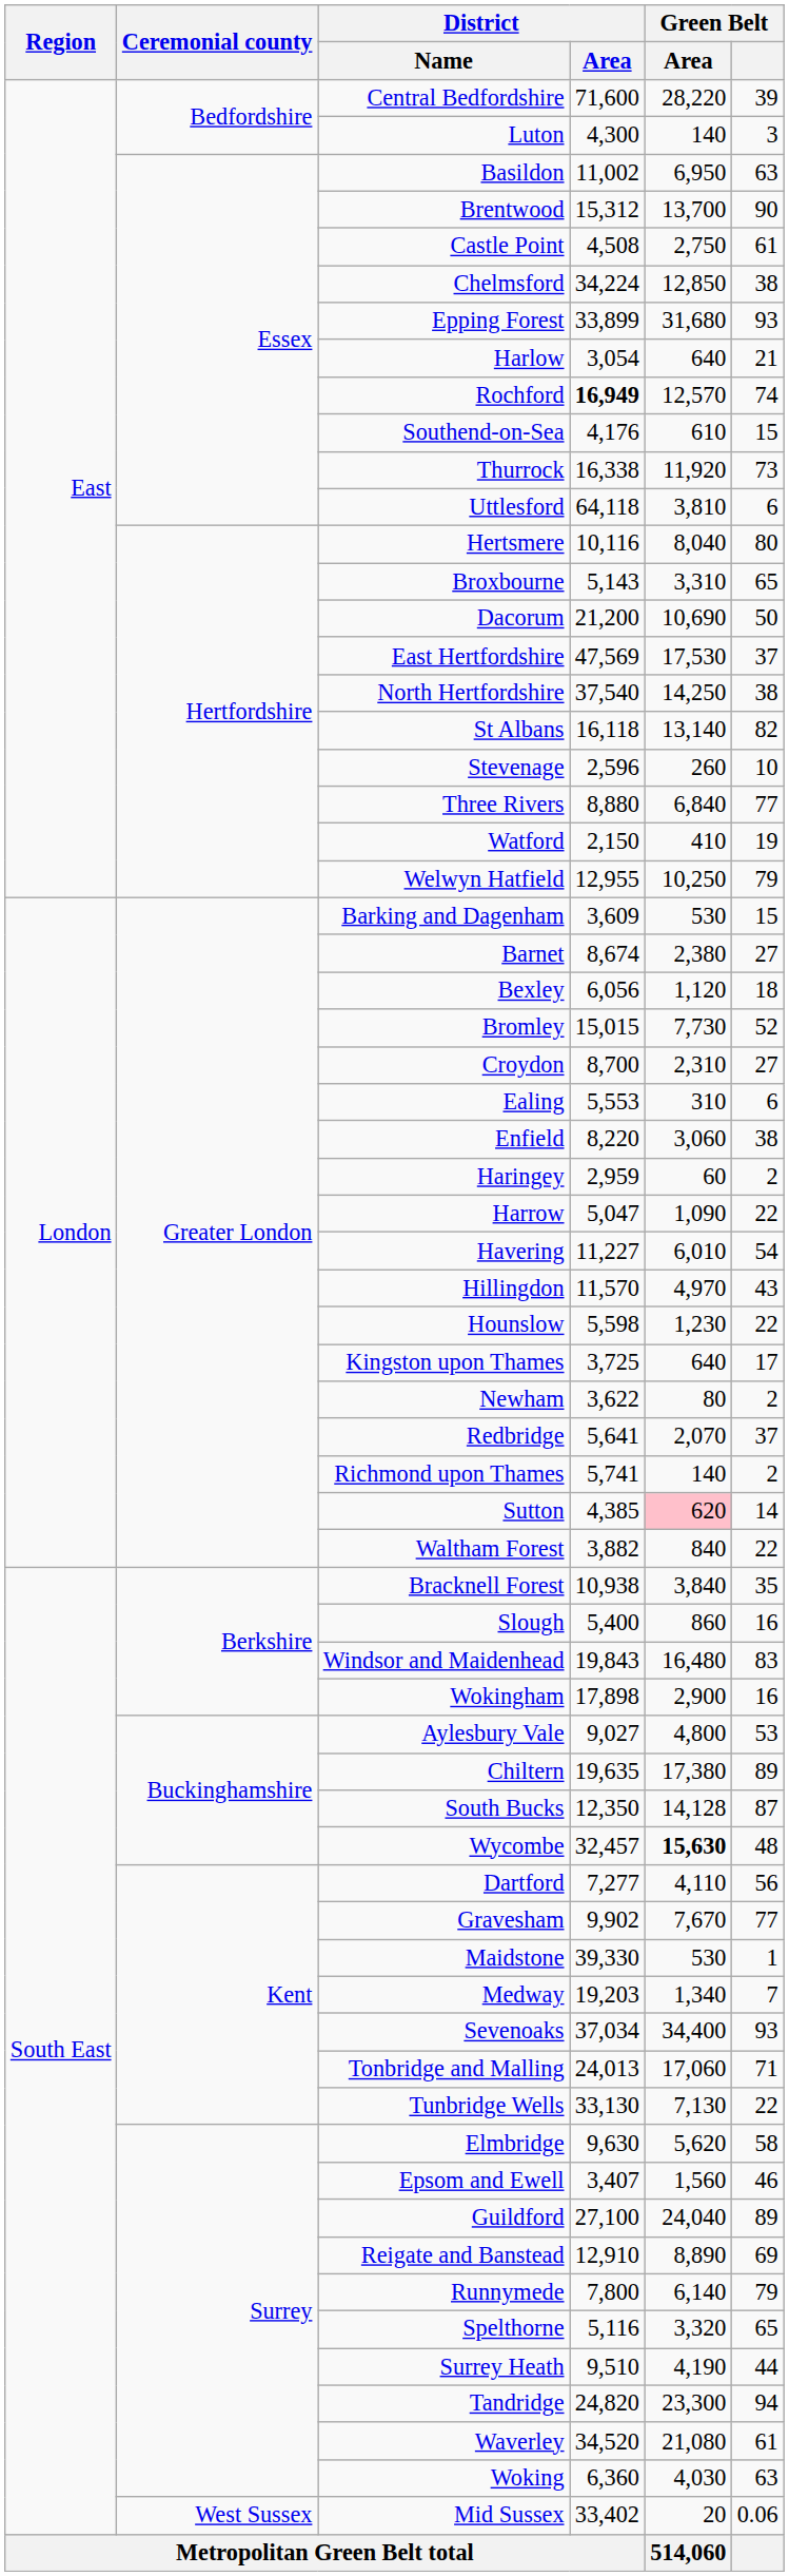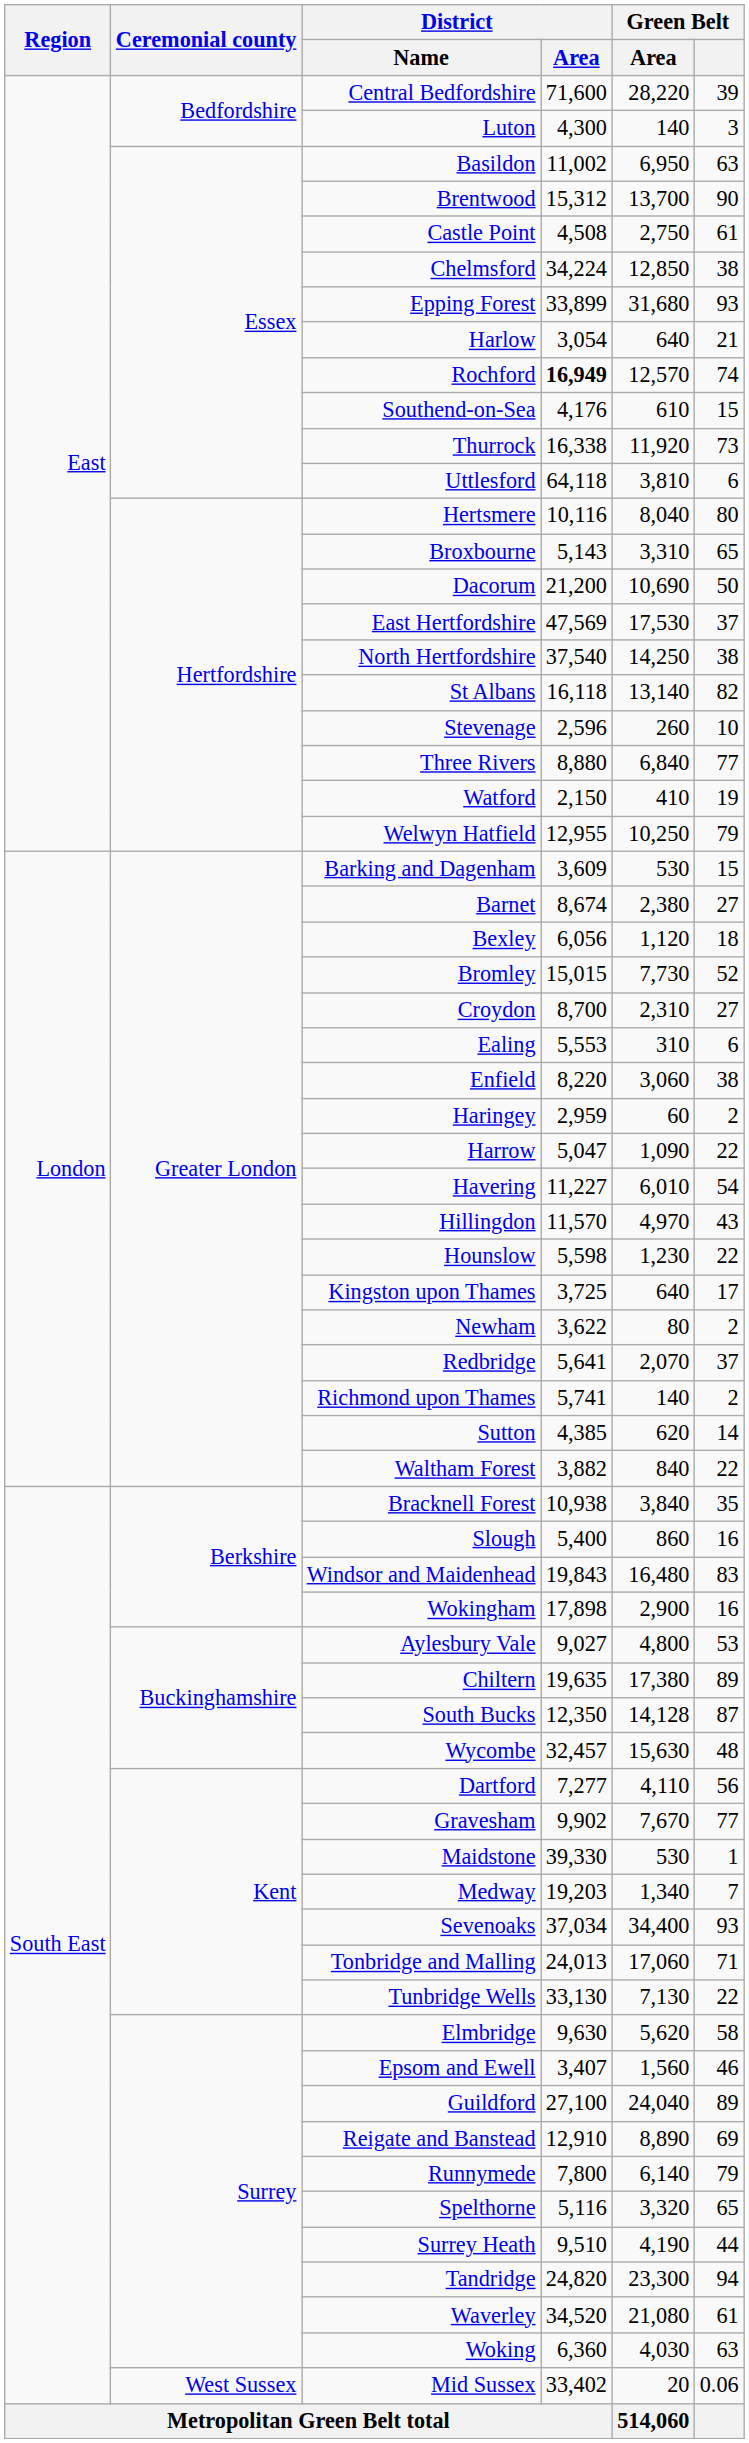 <table class="wikitable sortable" style="text-align:right">
 <tr>
 <th rowspan=2><a href='#'>Region</a></th>
 <th rowspan=2><a href='#'>Ceremonial county</a></th>
 <th colspan=2><a href='#'>District</a></th>
 <th colspan=2>Green Belt</th>
 </tr>
 <tr>
 <th>Name</th>
 <th><a href='#'>Area</a> </th>
 <th>Area </th>
 <th></th>
 </tr>
 <tr>
 <td rowspan=22><a href='#'>East</a></td>
 <td rowspan=2><a href='#'>Bedfordshire</a></td>
 <td><a href='#'>Central Bedfordshire</a></td>
 <td>71,600</td>
 <td>28,220</td>
 <td>39</td>
 </tr>
 <tr>
 <td><a href='#'>Luton</a></td>
 <td>4,300</td>
 <td>140</td>
 <td>3</td>
 </tr>
 <tr>
 <td rowspan=10><a href='#'>Essex</a></td>
 <td><a href='#'>Basildon</a></td>
 <td>11,002</td>
 <td>6,950</td>
 <td>63</td>
 </tr>
 <tr>
 <td><a href='#'>Brentwood</a></td>
 <td>15,312</td>
 <td>13,700</td>
 <td>90</td>
 </tr>
 <tr>
 <td><a href='#'>Castle Point</a></td>
 <td>4,508</td>
 <td>2,750</td>
 <td>61</td>
 </tr>
 <tr>
 <td><a href='#'>Chelmsford</a></td>
 <td>34,224</td>
 <td>12,850</td>
 <td>38</td>
 </tr>
 <tr>
 <td><a href='#'>Epping Forest</a></td>
 <td>33,899</td>
 <td>31,680</td>
 <td>93</td>
 </tr>
 <tr>
 <td><a href='#'>Harlow</a></td>
 <td>3,054</td>
 <td>640</td>
 <td>21</td>
 </tr>
 <tr>
 <td><a href='#'>Rochford</a></td>
 <td><strong>16,949</strong></td>
 <td>12,570</td>
 <td>74</td>
 </tr>
 <tr>
 <td><a href='#'>Southend-on-Sea</a></td>
 <td>4,176</td>
 <td>610</td>
 <td>15</td>
 </tr>
 <tr>
 <td><a href='#'>Thurrock</a></td>
 <td>16,338</td>
 <td>11,920</td>
 <td>73</td>
 </tr>
 <tr>
 <td><a href='#'>Uttlesford</a></td>
 <td>64,118</td>
 <td>3,810</td>
 <td>6</td>
 </tr>
 <tr>
 <td rowspan=10><a href='#'>Hertfordshire</a></td>
 <td><a href='#'>Hertsmere</a></td>
 <td>10,116</td>
 <td>8,040</td>
 <td>80</td>
 </tr>
 <tr>
 <td><a href='#'>Broxbourne</a></td>
 <td>5,143</td>
 <td>3,310</td>
 <td>65</td>
 </tr>
 <tr>
 <td><a href='#'>Dacorum</a></td>
 <td>21,200</td>
 <td>10,690</td>
 <td>50</td>
 </tr>
 <tr>
 <td><a href='#'>East Hertfordshire</a></td>
 <td>47,569</td>
 <td>17,530</td>
 <td>37</td>
 </tr>
 <tr>
 <td><a href='#'>North Hertfordshire</a></td>
 <td>37,540</td>
 <td>14,250</td>
 <td>38</td>
 </tr>
 <tr>
 <td><a href='#'>St Albans</a></td>
 <td>16,118</td>
 <td>13,140</td>
 <td>82</td>
 </tr>
 <tr>
 <td><a href='#'>Stevenage</a></td>
 <td>2,596</td>
 <td>260</td>
 <td>10</td>
 </tr>
 <tr>
 <td><a href='#'>Three Rivers</a></td>
 <td>8,880</td>
 <td>6,840</td>
 <td>77</td>
 </tr>
 <tr>
 <td><a href='#'>Watford</a></td>
 <td>2,150</td>
 <td>410</td>
 <td>19</td>
 </tr>
 <tr>
 <td><a href='#'>Welwyn Hatfield</a></td>
 <td>12,955</td>
 <td>10,250</td>
 <td>79</td>
 </tr>
 <tr>
 <td rowspan=18><a href='#'>London</a></td>
 <td rowspan=18><a href='#'>Greater London</a></td>
 <td><a href='#'>Barking and Dagenham</a></td>
 <td>3,609</td>
 <td>530</td>
 <td>15</td>
 </tr>
 <tr>
 <td><a href='#'>Barnet</a></td>
 <td>8,674</td>
 <td>2,380</td>
 <td>27</td>
 </tr>
 <tr>
 <td><a href='#'>Bexley</a></td>
 <td>6,056</td>
 <td>1,120</td>
 <td>18</td>
 </tr>
 <tr>
 <td><a href='#'>Bromley</a></td>
 <td>15,015</td>
 <td>7,730</td>
 <td>52</td>
 </tr>
 <tr>
 <td><a href='#'>Croydon</a></td>
 <td>8,700</td>
 <td>2,310</td>
 <td>27</td>
 </tr>
 <tr>
 <td><a href='#'>Ealing</a></td>
 <td>5,553</td>
 <td>310</td>
 <td>6</td>
 </tr>
 <tr>
 <td><a href='#'>Enfield</a></td>
 <td>8,220</td>
 <td>3,060</td>
 <td>38</td>
 </tr>
 <tr>
 <td><a href='#'>Haringey</a></td>
 <td>2,959</td>
 <td>60</td>
 <td>2</td>
 </tr>
 <tr>
 <td><a href='#'>Harrow</a></td>
 <td>5,047</td>
 <td>1,090</td>
 <td>22</td>
 </tr>
 <tr>
 <td><a href='#'>Havering</a></td>
 <td>11,227</td>
 <td>6,010</td>
 <td>54</td>
 </tr>
 <tr>
 <td><a href='#'>Hillingdon</a></td>
 <td>11,570</td>
 <td>4,970</td>
 <td>43</td>
 </tr>
 <tr>
 <td><a href='#'>Hounslow</a></td>
 <td>5,598</td>
 <td>1,230</td>
 <td>22</td>
 </tr>
 <tr>
 <td><a href='#'>Kingston upon Thames</a></td>
 <td>3,725</td>
 <td>640</td>
 <td>17</td>
 </tr>
 <tr>
 <td><a href='#'>Newham</a></td>
 <td>3,622</td>
 <td>80</td>
 <td>2</td>
 </tr>
 <tr>
 <td><a href='#'>Redbridge</a></td>
 <td>5,641</td>
 <td>2,070</td>
 <td>37</td>
 </tr>
 <tr>
 <td><a href='#'>Richmond upon Thames</a></td>
 <td>5,741</td>
 <td>140</td>
 <td>2</td>
 </tr>
 <tr>
 <td><a href='#'>Sutton</a></td>
 <td>4,385</td>
-<td style="background: pink;">620</td>
+<td>620</td>
 <td>14</td>
 </tr>
 <tr>
 <td><a href='#'>Waltham Forest</a></td>
 <td>3,882</td>
 <td>840</td>
 <td>22</td>
 </tr>
 <tr>
 <td rowspan=26><a href='#'>South East</a></td>
 <td rowspan=4><a href='#'>Berkshire</a></td>
 <td><a href='#'>Bracknell Forest</a></td>
 <td>10,938</td>
 <td>3,840</td>
 <td>35</td>
 </tr>
 <tr>
 <td><a href='#'>Slough</a></td>
 <td>5,400</td>
 <td>860</td>
 <td>16</td>
 </tr>
 <tr>
 <td><a href='#'>Windsor and Maidenhead</a></td>
 <td>19,843</td>
 <td>16,480</td>
 <td>83</td>
 </tr>
 <tr>
 <td><a href='#'>Wokingham</a></td>
 <td>17,898</td>
 <td>2,900</td>
 <td>16</td>
 </tr>
 <tr>
 <td rowspan=4><a href='#'>Buckinghamshire</a></td>
 <td><a href='#'>Aylesbury Vale</a></td>
 <td>9,027</td>
 <td>4,800</td>
 <td>53</td>
 </tr>
 <tr>
 <td><a href='#'>Chiltern</a></td>
 <td>19,635</td>
 <td>17,380</td>
 <td>89</td>
 </tr>
 <tr>
 <td><a href='#'>South Bucks</a></td>
 <td>12,350</td>
 <td>14,128</td>
 <td>87</td>
 </tr>
 <tr>
 <td><a href='#'>Wycombe</a></td>
 <td>32,457</td>
-<td><strong>15,630</strong></td>
+<td>15,630</td>
 <td>48</td>
 </tr>
 <tr>
 <td rowspan=7><a href='#'>Kent</a></td>
 <td><a href='#'>Dartford</a></td>
 <td>7,277</td>
 <td>4,110</td>
 <td>56</td>
 </tr>
 <tr>
 <td><a href='#'>Gravesham</a></td>
 <td>9,902</td>
 <td>7,670</td>
 <td>77</td>
 </tr>
 <tr>
 <td><a href='#'>Maidstone</a></td>
 <td>39,330</td>
 <td>530</td>
 <td>1</td>
 </tr>
 <tr>
 <td><a href='#'>Medway</a></td>
 <td>19,203</td>
 <td>1,340</td>
 <td>7</td>
 </tr>
 <tr>
 <td><a href='#'>Sevenoaks</a></td>
 <td>37,034</td>
 <td>34,400</td>
 <td>93</td>
 </tr>
 <tr>
 <td><a href='#'>Tonbridge and Malling</a></td>
 <td>24,013</td>
 <td>17,060</td>
 <td>71</td>
 </tr>
 <tr>
 <td><a href='#'>Tunbridge Wells</a></td>
 <td>33,130</td>
 <td>7,130</td>
 <td>22</td>
 </tr>
 <tr>
 <td rowspan=10><a href='#'>Surrey</a></td>
 <td><a href='#'>Elmbridge</a></td>
 <td>9,630</td>
 <td>5,620</td>
 <td>58</td>
 </tr>
 <tr>
 <td><a href='#'>Epsom and Ewell</a></td>
 <td>3,407</td>
 <td>1,560</td>
 <td>46</td>
 </tr>
 <tr>
 <td><a href='#'>Guildford</a></td>
 <td>27,100</td>
 <td>24,040</td>
 <td>89</td>
 </tr>
 <tr>
 <td><a href='#'>Reigate and Banstead</a></td>
 <td>12,910</td>
 <td>8,890</td>
 <td>69</td>
 </tr>
 <tr>
 <td><a href='#'>Runnymede</a></td>
 <td>7,800</td>
 <td>6,140</td>
 <td>79</td>
 </tr>
 <tr>
 <td><a href='#'>Spelthorne</a></td>
 <td>5,116</td>
 <td>3,320</td>
 <td>65</td>
 </tr>
 <tr>
 <td><a href='#'>Surrey Heath</a></td>
 <td>9,510</td>
 <td>4,190</td>
 <td>44</td>
 </tr>
 <tr>
 <td><a href='#'>Tandridge</a></td>
 <td>24,820</td>
 <td>23,300</td>
 <td>94</td>
 </tr>
 <tr>
 <td><a href='#'>Waverley</a></td>
 <td>34,520</td>
 <td>21,080</td>
 <td>61</td>
 </tr>
 <tr>
 <td><a href='#'>Woking</a></td>
 <td>6,360</td>
 <td>4,030</td>
 <td>63</td>
 </tr>
 <tr>
 <td><a href='#'>West Sussex</a></td>
 <td><a href='#'>Mid Sussex</a></td>
 <td>33,402</td>
 <td>20</td>
 <td>0.06</td>
 </tr>
 <tr>
 <th colspan=4>Metropolitan Green Belt total</th>
 <th style="text-align:right">514,060</th>
 <th></th>
 </tr>
 </table>
